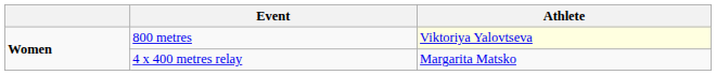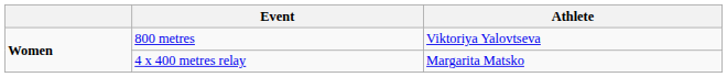 <table class=wikitable style="font-size:90%" width=60%>
 <tr>
 <th></th>
 <th>Event</th>
 <th>Athlete</th>
 </tr>
 <tr>
 <td rowspan=2><strong>Women</strong></td>
 <td><a href='#'>800 metres</a></td>
-<td style="background: lightyellow;"><a href='#'>Viktoriya Yalovtseva</a></td>
+<td><a href='#'>Viktoriya Yalovtseva</a></td>
 </tr>
 <tr>
 <td><a href='#'>4 x 400 metres relay</a></td>
 <td><a href='#'>Margarita Matsko</a></td>
 </tr>
 </table>
